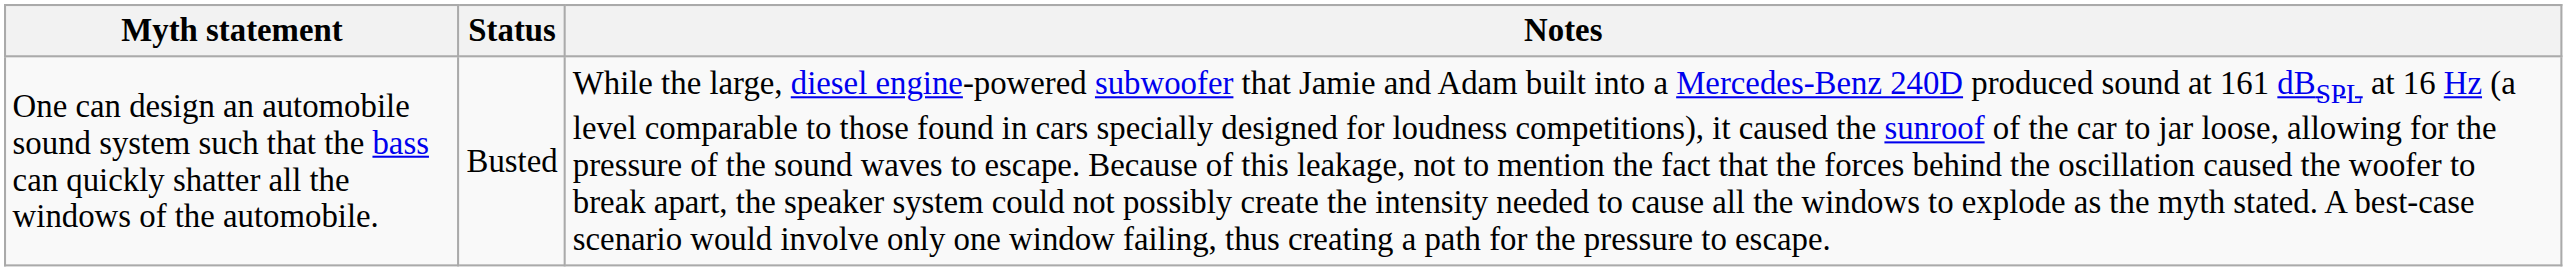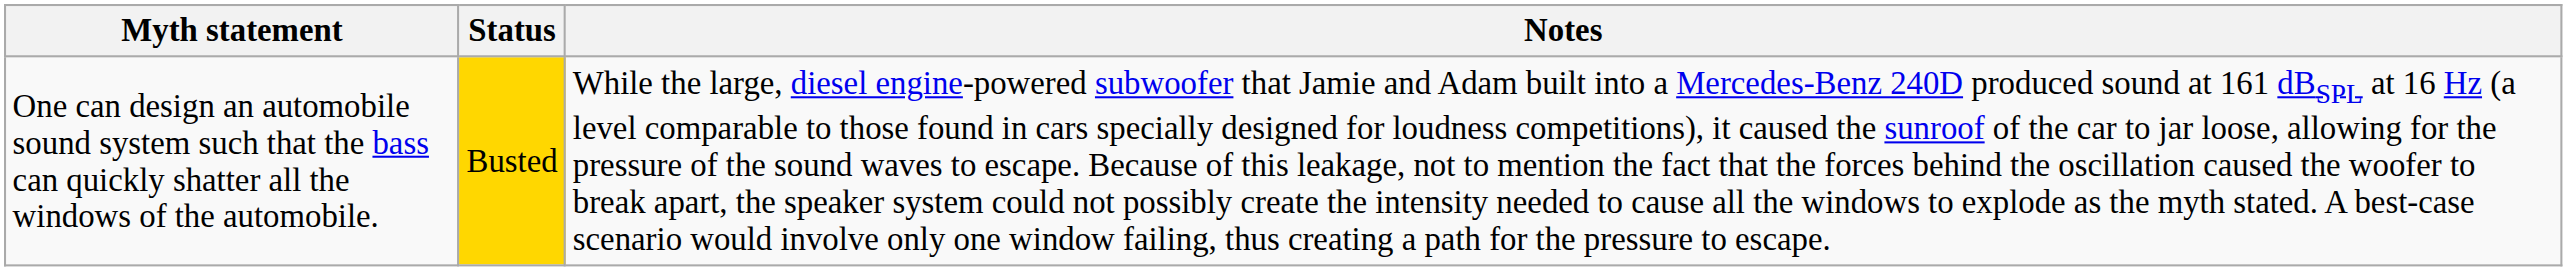 <table class="wikitable plainrowheaders">
 <tr>
 <th>Myth statement</th>
 <th>Status</th>
 <th>Notes</th>
 </tr>
 <tr>
 <td>One can design an automobile sound system such that the <a href='#'>bass</a> can quickly shatter all the windows of the automobile.</td>
-<td><span>Busted</span></td>
+<td style="background: gold;"><span>Busted</span></td>
 <td>While the large, <a href='#'>diesel engine</a>-powered <a href='#'>subwoofer</a> that Jamie and Adam built into a <a href='#'>Mercedes-Benz 240D</a> produced sound at 161 <a href='#'>dB<sub>SPL</sub></a> at 16 <a href='#'>Hz</a> (a level comparable to those found in cars specially designed for loudness competitions), it caused the <a href='#'>sunroof</a> of the car to jar loose, allowing for the pressure of the sound waves to escape. Because of this leakage, not to mention the fact that the forces behind the oscillation caused the woofer to break apart, the speaker system could not possibly create the intensity needed to cause all the windows to explode as the myth stated. A best-case scenario would involve only one window failing, thus creating a path for the pressure to escape.</td>
 </tr>
 </table>
